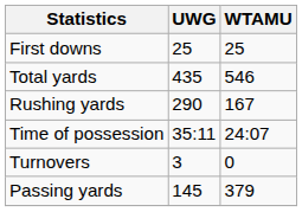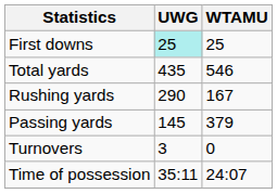 <table class="wikitable">
 <tr>
 <th>Statistics</th>
 <th>UWG</th>
 <th>WTAMU</th>
 </tr>
 <tr>
 <td>First downs</td>
-<td>25</td>
+<td style="background: paleturquoise;">25</td>
 <td>25</td>
 </tr>
 <tr>
 <td>Total yards</td>
 <td>435</td>
 <td>546</td>
 </tr>
 <tr>
 <td>Rushing yards</td>
 <td>290</td>
 <td>167</td>
 </tr>
 <tr>
-<td>Time of possession</td>
-<td>35:11</td>
-<td>24:07</td>
+<td>Passing yards</td>
+<td>145</td>
+<td>379</td>
 </tr>
 <tr>
 <td>Turnovers</td>
 <td>3</td>
 <td>0</td>
 </tr>
 <tr>
-<td>Passing yards</td>
-<td>145</td>
-<td>379</td>
+<td>Time of possession</td>
+<td>35:11</td>
+<td>24:07</td>
 </tr>
 <tr>
 </tr>
 </table>
